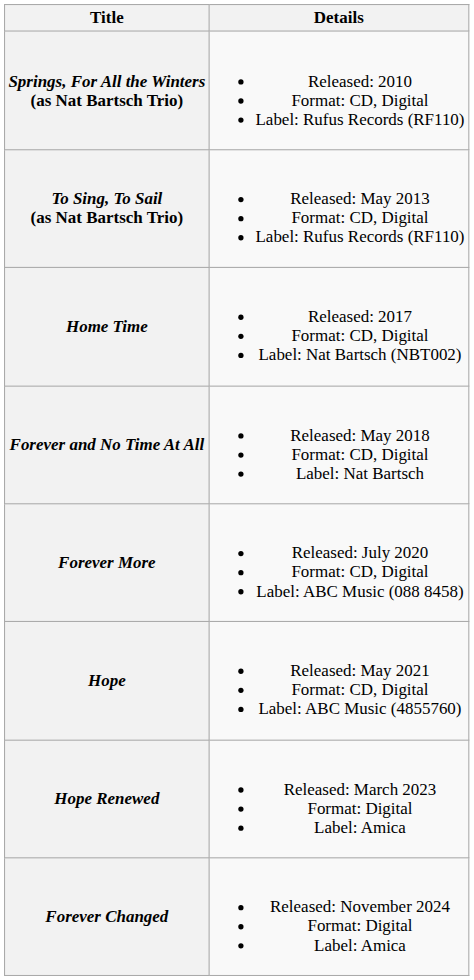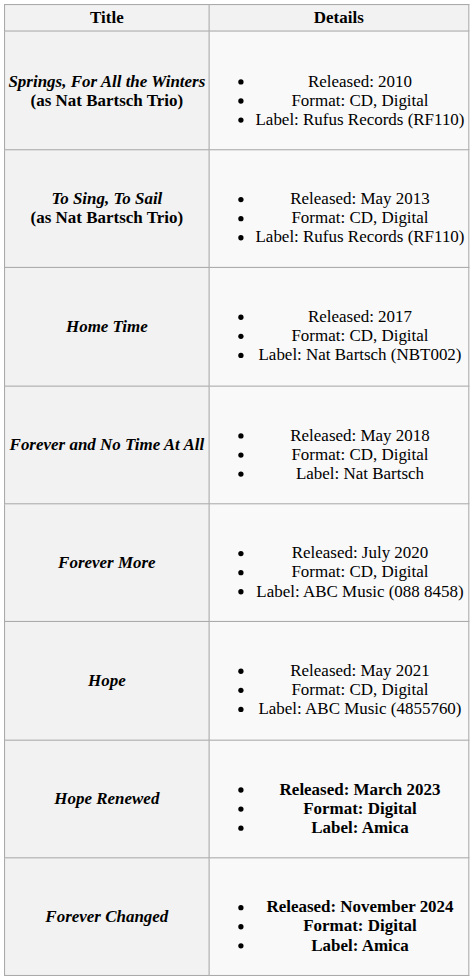 <table class="wikitable plainrowheaders" style="text-align:center;" border="1">
 <tr>
 <th>Title</th>
 <th>Details</th>
 </tr>
 <tr>
 <th scope="row"><em>Springs, For All the Winters</em> <br> (as Nat Bartsch Trio)</th>
 <td><br><ul><li>Released: 2010</li><li>Format: CD, Digital</li><li>Label: Rufus Records (RF110)</li></ul></td>
 </tr>
 <tr>
 <th scope="row"><em>To Sing, To Sail</em> <br> (as Nat Bartsch Trio)</th>
 <td><br><ul><li>Released: May 2013</li><li>Format: CD, Digital</li><li>Label: Rufus Records (RF110)</li></ul></td>
 </tr>
 <tr>
 <th scope="row"><em>Home Time</em></th>
 <td><br><ul><li>Released: 2017</li><li>Format: CD, Digital</li><li>Label: Nat Bartsch (NBT002)</li></ul></td>
 </tr>
 <tr>
 <th scope="row"><em>Forever and No Time At All</em></th>
 <td><br><ul><li>Released: May 2018</li><li>Format: CD, Digital</li><li>Label: Nat Bartsch</li></ul></td>
 </tr>
 <tr>
 <th scope="row"><em>Forever More</em></th>
 <td><br><ul><li>Released: July 2020</li><li>Format: CD, Digital</li><li>Label: ABC Music (088 8458)</li></ul></td>
 </tr>
 <tr>
 <th scope="row"><em>Hope</em></th>
 <td><br><ul><li>Released: May 2021</li><li>Format: CD, Digital</li><li>Label: ABC Music (4855760)</li></ul></td>
 </tr>
 <tr>
 <th scope="row"><em>Hope Renewed</em></th>
-<td><br><ul><li>Released: March 2023</li><li>Format: Digital</li><li>Label: Amica</li></ul></td>
+<td><strong><br><ul><li>Released: March 2023</li><li>Format: Digital</li><li>Label: Amica</li></ul></strong></td>
 </tr>
 <tr>
 <th scope="row"><em>Forever Changed</em></th>
-<td><br><ul><li>Released: November 2024</li><li>Format: Digital</li><li>Label: Amica</li></ul></td>
+<td><strong><br><ul><li>Released: November 2024</li><li>Format: Digital</li><li>Label: Amica</li></ul></strong></td>
 </tr>
 </table>
